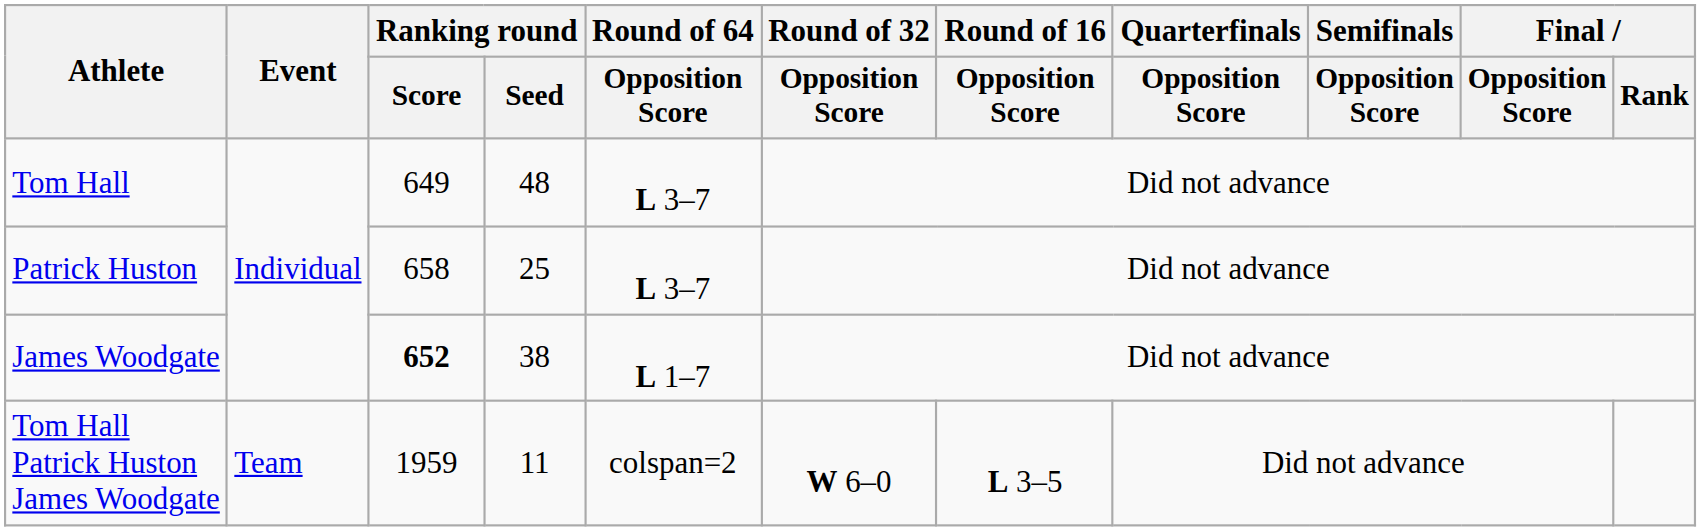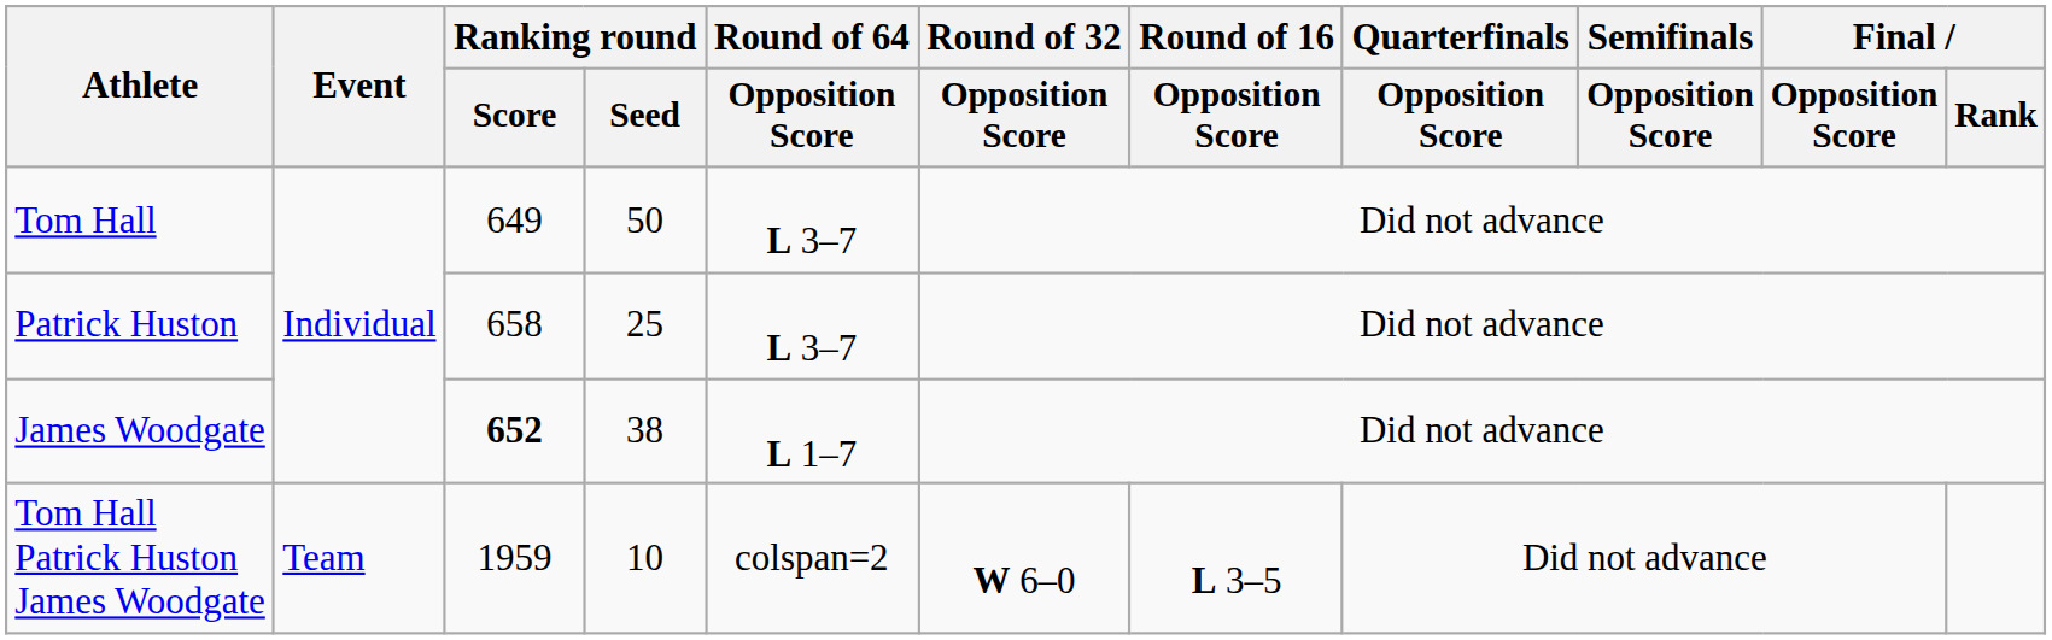 <table class=wikitable style="font-size:90%; text-align:center;">
 <tr>
 <th rowspan=2>Athlete</th>
 <th rowspan=2>Event</th>
 <th colspan=2>Ranking round</th>
 <th>Round of 64</th>
 <th>Round of 32</th>
 <th>Round of 16</th>
 <th>Quarterfinals</th>
 <th>Semifinals</th>
 <th colspan=2>Final / </th>
 </tr>
 <tr style=font-size:95%>
 <th>Score</th>
 <th>Seed</th>
 <th>Opposition<br>Score</th>
 <th>Opposition<br>Score</th>
 <th>Opposition<br>Score</th>
 <th>Opposition<br>Score</th>
 <th>Opposition<br>Score</th>
 <th>Opposition<br>Score</th>
 <th>Rank</th>
 </tr>
 <tr>
 <td align=left><a href='#'>Tom Hall</a></td>
 <td align=left rowspan=3><a href='#'>Individual</a></td>
 <td>649</td>
-<td>48</td>
+<td>50</td>
 <td><br><strong>L</strong> 3–7</td>
 <td colspan=6>Did not advance</td>
 </tr>
 <tr>
 <td align=left><a href='#'>Patrick Huston</a></td>
 <td>658</td>
 <td>25</td>
 <td><br><strong>L</strong> 3–7</td>
 <td colspan=6>Did not advance</td>
 </tr>
 <tr>
 <td align=left><a href='#'>James Woodgate</a></td>
 <td><strong>652</strong></td>
 <td>38</td>
 <td><br> <strong>L</strong> 1–7</td>
 <td colspan=6>Did not advance</td>
 </tr>
 <tr>
 <td align=left><a href='#'>Tom Hall</a><br><a href='#'>Patrick Huston</a><br><a href='#'>James Woodgate</a></td>
 <td align=left><a href='#'>Team</a></td>
 <td>1959</td>
-<td>11</td>
+<td>10</td>
 <td>colspan=2 </td>
 <td><br><strong>W</strong> 6–0</td>
 <td><br><strong>L</strong> 3–5</td>
 <td colspan=3>Did not advance</td>
 </tr>
 </table>
